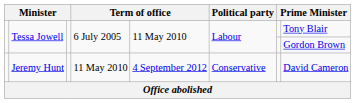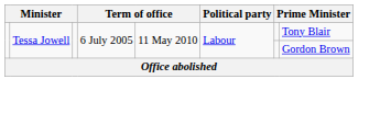 <table class="wikitable" style="text-align:left">
 <tr>
 <th colspan=3>Minister</th>
 <th colspan=2>Term of office</th>
 <th>Political party</th>
 <th colspan=2>Prime Minister</th>
 </tr>
 <tr>
 <td rowspan=2 style="background-color: "></td>
 <td rowspan=2><a href='#'>Tessa Jowell</a></td>
 <td rowspan=2></td>
 <td rowspan=2>6 July 2005</td>
 <td rowspan=2>11 May 2010</td>
 <td rowspan=2><a href='#'>Labour</a></td>
 <td style="background-color: "></td>
 <td><a href='#'>Tony Blair</a></td>
 </tr>
 <tr>
 <td style="background-color: "></td>
 <td><a href='#'>Gordon Brown</a></td>
 </tr>
-<tr style="height: 45px">
-<td style="background-color: "></td>
-<td><a href='#'>Jeremy Hunt</a><br></td>
-<td></td>
-<td>11 May 2010</td>
-<td><a href='#'>4 September 2012</a></td>
-<td><a href='#'>Conservative</a></td>
-<td style="background-color: "></td>
-<td><a href='#'>David Cameron</a><br></td>
-</tr>
 <tr>
 <th colspan=8><em>Office abolished</em></th>
 </tr>
 </table>
